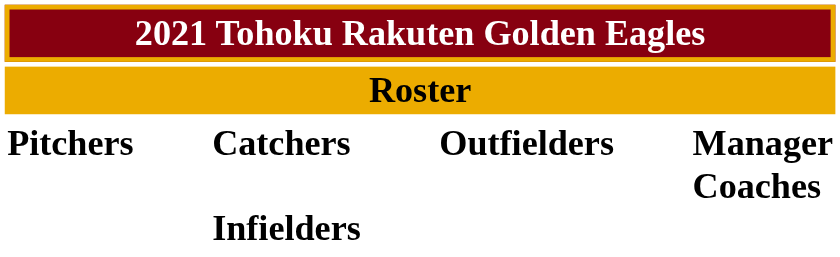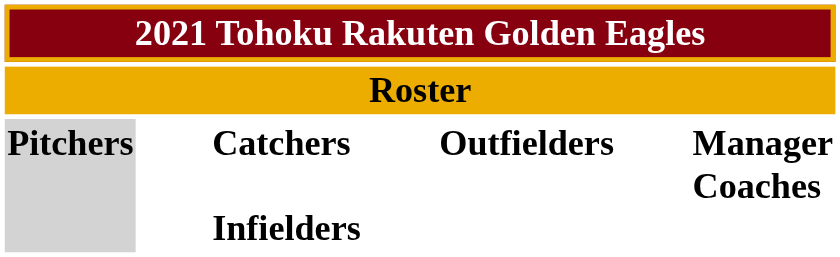 <table class="toccolours" style="font-size: 95%;">
 <tr>
 <th colspan="10" style="background:#870010; color:#FFFFFF; text-align:center; border:2px solid #ecac00">2021 Tohoku Rakuten Golden Eagles</th>
 </tr>
 <tr>
 <td colspan="10" style="background:#ecac00; color:#000000; text-align:center;"><strong>Roster</strong></td>
 </tr>
 <tr>
-<td valign="top"><strong>Pitchers</strong><br>                          </td>
+<td valign="top" style="background: lightgrey;"><strong>Pitchers</strong><br>                          </td>
 <td style="width:25px;"></td>
 <td valign="top"><strong>Catchers</strong><br>    <br><strong>Infielders</strong>            </td>
 <td style="width:25px;"></td>
 <td valign="top"><strong>Outfielders</strong><br>          </td>
 <td style="width:25px;"></td>
 <td valign="top"><strong>Manager</strong><br> <strong>Coaches</strong>         </td>
 </tr>
 <tr>
 <td colspan="10" style="text-align: right;"></td>
 </tr>
 </table>
